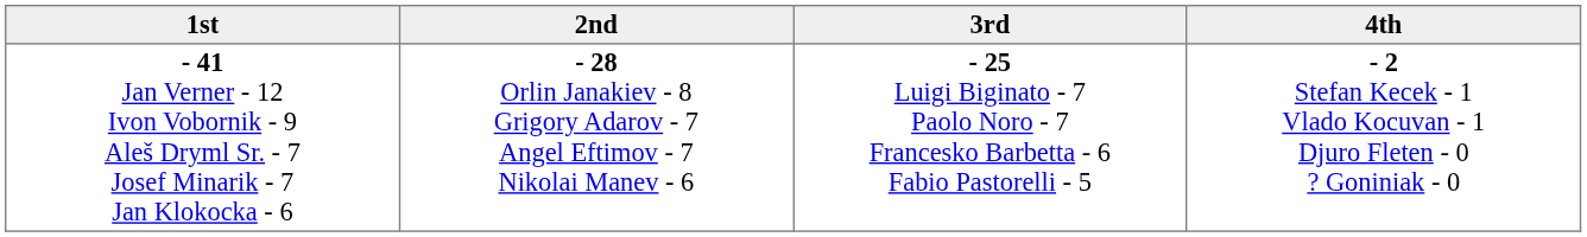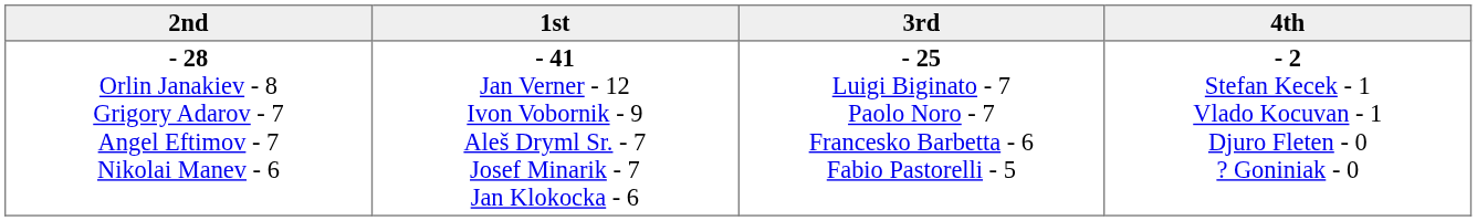 <table border=1 cellpadding=2 cellspacing=0 width=75% style="border-collapse:collapse">
 <tr align=center style="background:#efefef;">
+<th width=20% >2nd</th>
 <th width=20% >1st</th>
-<th width=20% >2nd</th>
 <th width=20% >3rd</th>
 <th width=20%>4th</th>
 </tr>
 <tr align=center>
+<td valign=top ><strong> - 28</strong><br><a href='#'>Orlin Janakiev</a> - 8<br><a href='#'>Grigory Adarov</a> - 7<br><a href='#'>Angel Eftimov</a> - 7<br><a href='#'>Nikolai Manev</a> - 6</td>
 <td valign=top ><strong> - 41</strong><br><a href='#'>Jan Verner</a> - 12<br><a href='#'>Ivon Vobornik</a> - 9<br><a href='#'>Aleš Dryml Sr.</a> - 7<br><a href='#'>Josef Minarik</a> - 7<br><a href='#'>Jan Klokocka</a> - 6</td>
-<td valign=top ><strong> - 28</strong><br><a href='#'>Orlin Janakiev</a> - 8<br><a href='#'>Grigory Adarov</a> - 7<br><a href='#'>Angel Eftimov</a> - 7<br><a href='#'>Nikolai Manev</a> - 6</td>
 <td valign=top ><strong> - 25</strong><br><a href='#'>Luigi Biginato</a> - 7<br><a href='#'>Paolo Noro</a> - 7<br><a href='#'>Francesko Barbetta</a> - 6<br><a href='#'>Fabio Pastorelli</a> - 5</td>
 <td valign=top><strong> - 2</strong><br><a href='#'>Stefan Kecek</a> - 1<br><a href='#'>Vlado Kocuvan</a> - 1<br><a href='#'>Djuro Fleten</a> - 0<br><a href='#'>? Goniniak</a>  - 0</td>
 </tr>
 </table>
